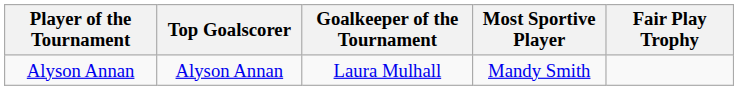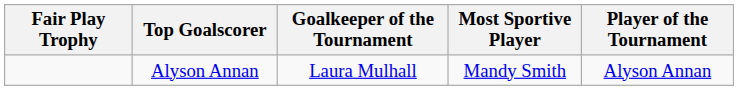 <table class="wikitable" style="text-align:center; margin:auto;">
 <tr>
-<th style="width: 180px;">Player of the Tournament</th>
+<th style="width: 180px;">Fair Play Trophy</th>
 <th style="width: 180px;">Top Goalscorer</th>
 <th style="width: 220px;">Goalkeeper of the Tournament</th>
 <th style="width: 180px;">Most Sportive Player</th>
-<th style="width: 180px;">Fair Play Trophy</th>
+<th style="width: 180px;">Player of the Tournament</th>
 </tr>
 <tr>
-<td> <a href='#'>Alyson Annan</a></td>
+<td></td>
 <td> <a href='#'>Alyson Annan</a></td>
 <td> <a href='#'>Laura Mulhall</a></td>
 <td> <a href='#'>Mandy Smith</a></td>
-<td></td>
+<td> <a href='#'>Alyson Annan</a></td>
 </tr>
 </table>
